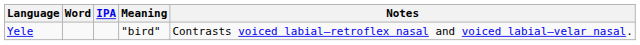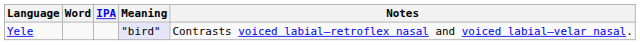 <table class="wikitable">
 <tr>
 <th>Language</th>
 <th>Word</th>
 <th><a href='#'>IPA</a></th>
 <th>Meaning</th>
 <th>Notes</th>
 </tr>
 <tr>
 <td rowspan=2><a href='#'>Yele</a></td>
 <td></td>
 <td></td>
-<td>"bird"</td>
+<td style="background: lavender;">"bird"</td>
 <td>Contrasts <a href='#'>voiced labial–retroflex nasal</a> and <a href='#'>voiced labial–velar nasal</a>.</td>
 </tr>
 </table>
